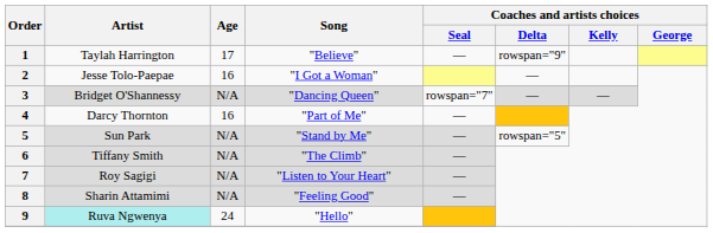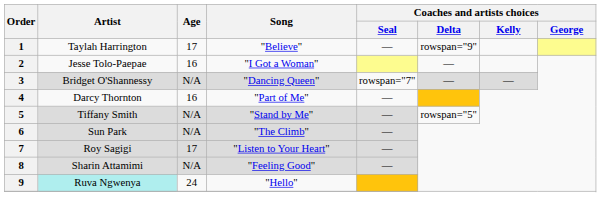 <table class="wikitable" style="text-align:center; width:100%;">
 <tr>
 <th scope="col" rowspan="2" style="width:05%;">Order</th>
 <th scope="col" rowspan="2" style="width:24%;">Artist</th>
 <th scope="col" rowspan="2" style="width:05%;">Age</th>
 <th scope="col" rowspan="2" style="width:26%;">Song</th>
 <th colspan="4" style="width:40%;">Coaches and artists choices</th>
 </tr>
 <tr>
 <th style="width:10%;"><a href='#'>Seal</a></th>
 <th style="width:10%;"><a href='#'>Delta</a></th>
 <th style="width:10%;"><a href='#'>Kelly</a></th>
 <th style="width:10%;"><a href='#'>George</a></th>
 </tr>
 <tr>
 <th>1</th>
 <td>Taylah Harrington</td>
 <td>17</td>
 <td>"<a href='#'>Believe</a>"</td>
 <td>—</td>
 <td>rowspan="9" </td>
 <td> <strong></strong> </td>
 <td style="background-color:#FDFC8F;"> <strong></strong> </td>
 </tr>
 <tr>
 <th>2</th>
 <td>Jesse Tolo-Paepae</td>
 <td>16</td>
 <td>"<a href='#'>I Got a Woman</a>"</td>
 <td style="background-color:#FDFC8F;"> <strong></strong> </td>
 <td>—</td>
 <td> <strong></strong> </td>
 </tr>
 <tr>
 <th>3</th>
 <td style="background-color:#DCDCDC;">Bridget O'Shannessy</td>
 <td style="background-color:#DCDCDC;">N/A</td>
 <td style="background-color:#DCDCDC;">"<a href='#'>Dancing Queen</a>"</td>
 <td>rowspan="7" </td>
 <td style="background-color:#DCDCDC;">—</td>
 <td style="background-color:#DCDCDC;">—</td>
 </tr>
 <tr>
 <th>4</th>
 <td>Darcy Thornton</td>
 <td>16</td>
 <td>"<a href='#'>Part of Me</a>"</td>
 <td>—</td>
 <td style="background-color:#FFC40C;"> <strong></strong> </td>
 </tr>
 <tr>
 <th>5</th>
-<td style="background-color:#DCDCDC;">Sun Park</td>
+<td style="background-color:#DCDCDC;">Tiffany Smith</td>
 <td style="background-color:#DCDCDC;">N/A</td>
 <td style="background-color:#DCDCDC;">"<a href='#'>Stand by Me</a>"</td>
 <td style="background-color:#DCDCDC;">—</td>
 <td>rowspan="5" </td>
 </tr>
 <tr>
 <th>6</th>
-<td style="background-color:#DCDCDC;">Tiffany Smith</td>
+<td style="background-color:#DCDCDC;">Sun Park</td>
 <td style="background-color:#DCDCDC;">N/A</td>
 <td style="background-color:#DCDCDC;">"<a href='#'>The Climb</a>"</td>
 <td style="background-color:#DCDCDC;">—</td>
 </tr>
 <tr>
 <th>7</th>
 <td style="background-color:#DCDCDC;">Roy Sagigi</td>
-<td style="background-color:#DCDCDC;">N/A</td>
+<td style="background-color:#DCDCDC;">17</td>
 <td style="background-color:#DCDCDC;">"<a href='#'>Listen to Your Heart</a>"</td>
 <td style="background-color:#DCDCDC;">—</td>
 </tr>
 <tr>
 <th>8</th>
 <td style="background-color:#DCDCDC;">Sharin Attamimi</td>
 <td style="background-color:#DCDCDC;">N/A</td>
 <td style="background-color:#DCDCDC;">"<a href='#'>Feeling Good</a>"</td>
 <td style="background-color:#DCDCDC;">—</td>
 </tr>
 <tr>
 <th>9</th>
 <td style="background: paleturquoise;">Ruva Ngwenya</td>
 <td>24</td>
 <td>"<a href='#'>Hello</a>"</td>
 <td style="background-color:#FFC40C;"> <strong></strong> </td>
 </tr>
 <tr>
 </tr>
 </table>
